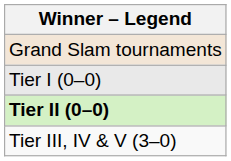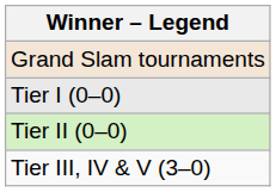 <table class="wikitable sortable">
 <tr>
 <th>Winner – Legend</th>
 </tr>
 <tr>
 <td bgcolor=f3e6d7>Grand Slam tournaments</td>
 </tr>
 <tr>
 <td bgcolor=e9e9e9>Tier I (0–0)</td>
 </tr>
 <tr>
-<td bgcolor=d4f1c5><strong>Tier II (0–0)</strong></td>
+<td bgcolor=d4f1c5>Tier II (0–0)</td>
 </tr>
 <tr>
 <td>Tier III, IV & V (3–0)</td>
 </tr>
 </table>
